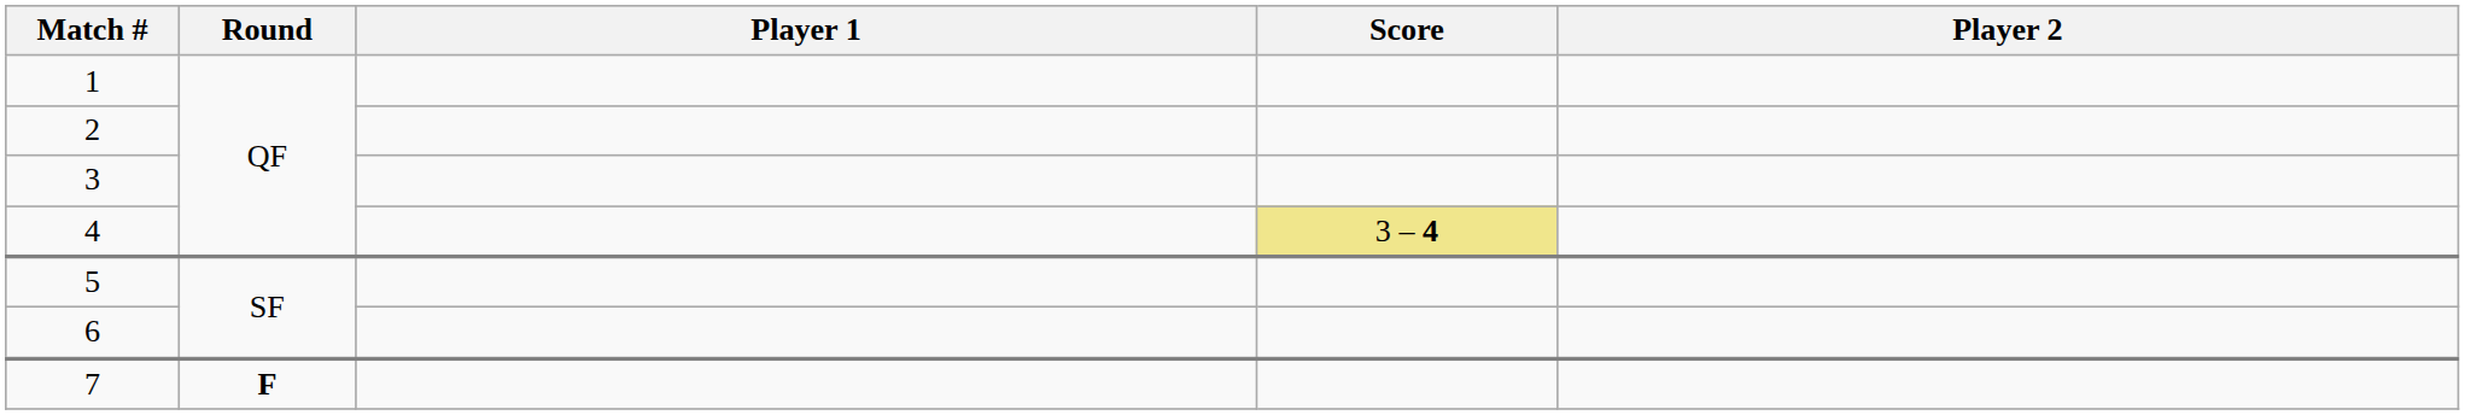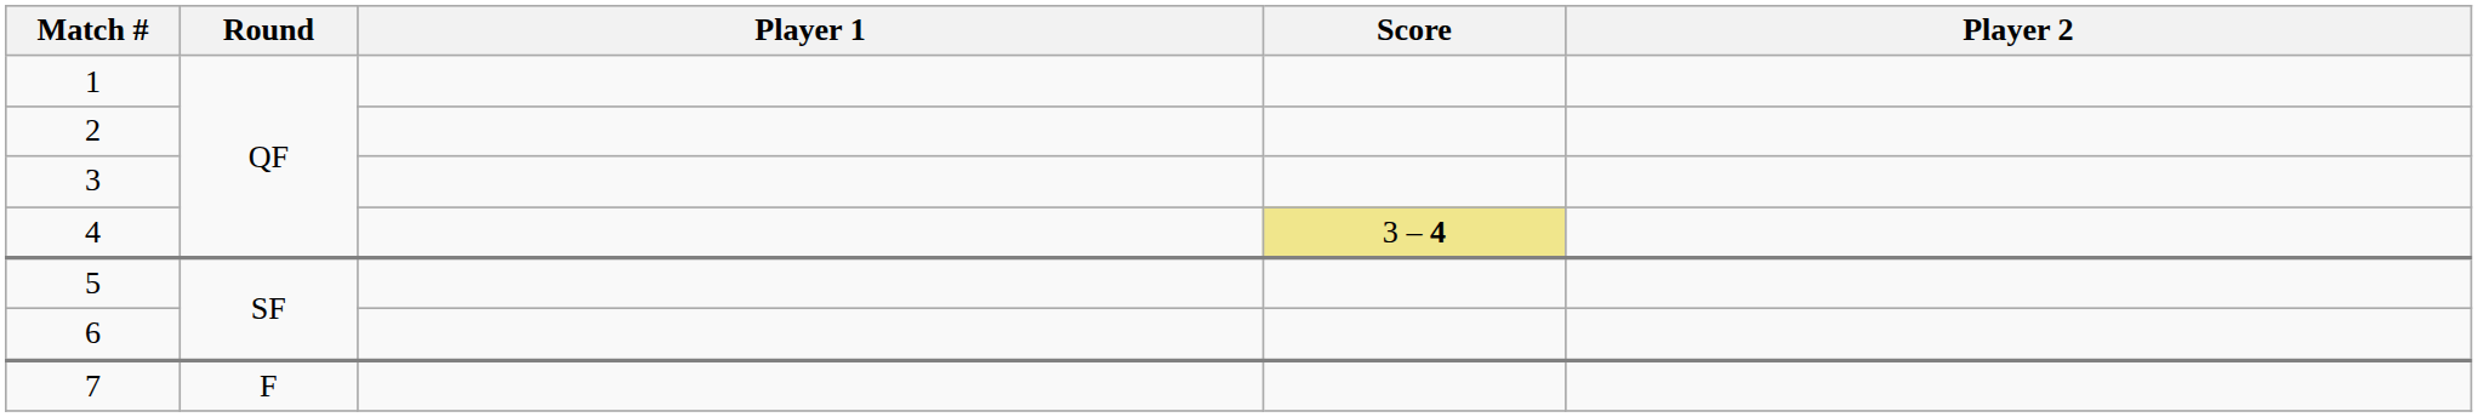 <table class="wikitable">
 <tr>
 <th width="2%">Match #</th>
 <th width="2%">Round</th>
 <th width="15%">Player 1</th>
 <th width="5%">Score</th>
 <th width="15%">Player 2</th>
 </tr>
 <tr style="text-align:center;">
 <td>1</td>
 <td rowspan=4>QF</td>
 <td></td>
 <td></td>
 <td></td>
 </tr>
 <tr style="text-align:center;">
 <td>2</td>
 <td></td>
 <td></td>
 <td></td>
 </tr>
 <tr style="text-align:center;">
 <td>3</td>
 <td></td>
 <td></td>
 <td></td>
 </tr>
 <tr style="text-align:center;">
 <td>4</td>
 <td></td>
 <td style="background: khaki;">3 – <strong>4</strong></td>
 <td></td>
 </tr>
 <tr style="text-align:center;border-top:solid gray 2px;">
 <td>5</td>
 <td rowspan=2>SF</td>
 <td></td>
 <td></td>
 <td></td>
 </tr>
 <tr style="text-align:center;">
 <td>6</td>
 <td></td>
 <td></td>
 <td></td>
 </tr>
 <tr style="text-align:center;border-top:solid gray 2px;">
 <td>7</td>
-<td><strong>F</strong></td>
+<td>F</td>
 <td></td>
 <td></td>
 <td></td>
 </tr>
 </table>
